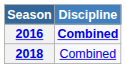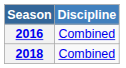 <table class="wikitable" style="font-size:95%; text-align:center; border:grey solid 1px; border-collapse:collapse;" width="10%">
 <tr style="background-color:#369; color:white;">
 <td style="background:#369; color:white; width:5%;"><strong>Season</strong></td>
 <td style="background:#4180be; color:white; width:5%;"><strong>Discipline</strong></td>
 </tr>
 <tr>
 <th><a href='#'>2016</a></th>
-<td><strong><a href='#'>Combined</a></strong></td>
+<td><a href='#'>Combined</a></td>
 </tr>
 <tr>
 <th><a href='#'>2018</a></th>
 <td><a href='#'>Combined</a></td>
 </tr>
 </table>
